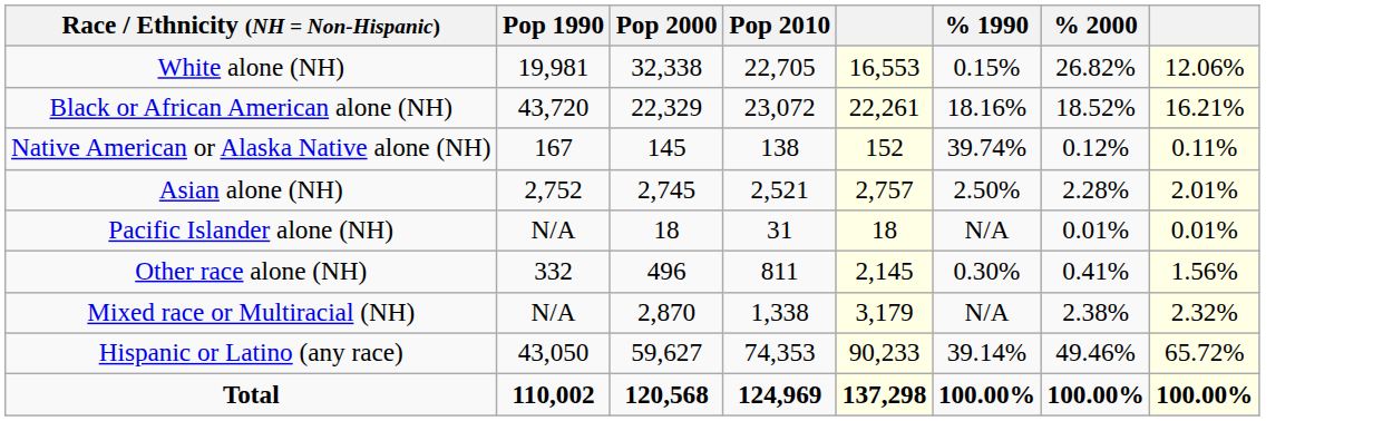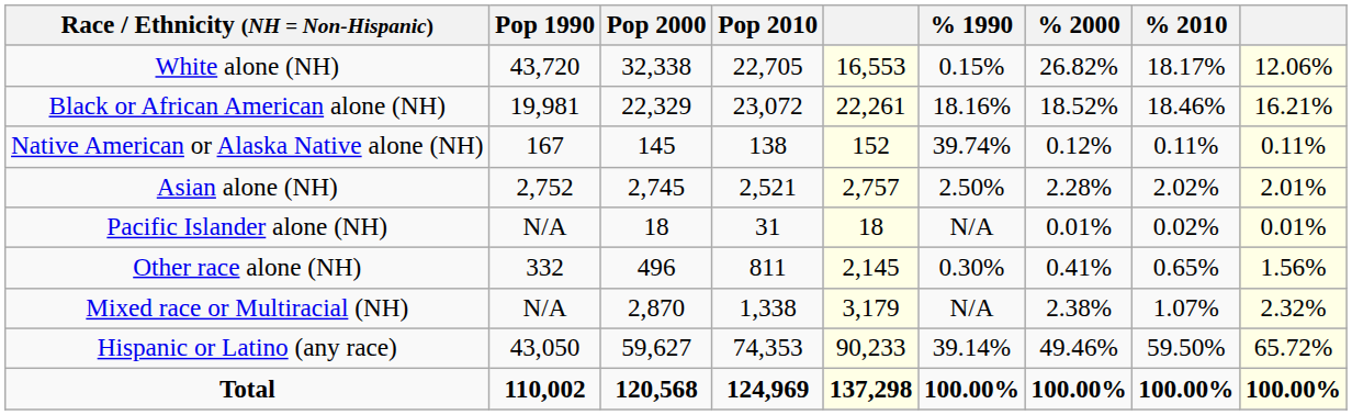 <table class="wikitable" style="text-align:center;">
 <tr>
 <th>Race / Ethnicity <small>(<em>NH = Non-Hispanic</em>)</small></th>
 <th>Pop 1990</th>
 <th>Pop 2000</th>
 <th>Pop 2010</th>
 <th></th>
 <th>% 1990</th>
 <th>% 2000</th>
+<th>% 2010</th>
 <th></th>
 </tr>
 <tr>
 <td><a href='#'>White</a> alone (NH)</td>
-<td>19,981</td>
+<td>43,720</td>
 <td>32,338</td>
 <td>22,705</td>
 <td style='background: #ffffe6;'>16,553</td>
 <td>0.15%</td>
 <td>26.82%</td>
+<td>18.17%</td>
 <td style='background: #ffffe6;'>12.06%</td>
 </tr>
 <tr>
 <td><a href='#'>Black or African American</a> alone (NH)</td>
-<td>43,720</td>
+<td>19,981</td>
 <td>22,329</td>
 <td>23,072</td>
 <td style='background: #ffffe6;'>22,261</td>
 <td>18.16%</td>
 <td>18.52%</td>
+<td>18.46%</td>
 <td style='background: #ffffe6;'>16.21%</td>
 </tr>
 <tr>
 <td><a href='#'>Native American</a> or <a href='#'>Alaska Native</a> alone (NH)</td>
 <td>167</td>
 <td>145</td>
 <td>138</td>
 <td style='background: #ffffe6;'>152</td>
 <td>39.74%</td>
 <td>0.12%</td>
+<td>0.11%</td>
 <td style='background: #ffffe6;'>0.11%</td>
 </tr>
 <tr>
 <td><a href='#'>Asian</a> alone (NH)</td>
 <td>2,752</td>
 <td>2,745</td>
 <td>2,521</td>
 <td style='background: #ffffe6;'>2,757</td>
 <td>2.50%</td>
 <td>2.28%</td>
+<td>2.02%</td>
 <td style='background: #ffffe6;'>2.01%</td>
 </tr>
 <tr>
 <td><a href='#'>Pacific Islander</a> alone (NH)</td>
 <td>N/A</td>
 <td>18</td>
 <td>31</td>
 <td style='background: #ffffe6;'>18</td>
 <td>N/A</td>
 <td>0.01%</td>
+<td>0.02%</td>
 <td style='background: #ffffe6;'>0.01%</td>
 </tr>
 <tr>
 <td><a href='#'>Other race</a> alone (NH)</td>
 <td>332</td>
 <td>496</td>
 <td>811</td>
 <td style='background: #ffffe6;'>2,145</td>
 <td>0.30%</td>
 <td>0.41%</td>
+<td>0.65%</td>
 <td style='background: #ffffe6;'>1.56%</td>
 </tr>
 <tr>
 <td><a href='#'>Mixed race or Multiracial</a> (NH)</td>
 <td>N/A</td>
 <td>2,870</td>
 <td>1,338</td>
 <td style='background: #ffffe6;'>3,179</td>
 <td>N/A</td>
 <td>2.38%</td>
+<td>1.07%</td>
 <td style='background: #ffffe6;'>2.32%</td>
 </tr>
 <tr>
 <td><a href='#'>Hispanic or Latino</a> (any race)</td>
 <td>43,050</td>
 <td>59,627</td>
 <td>74,353</td>
 <td style='background: #ffffe6;'>90,233</td>
 <td>39.14%</td>
 <td>49.46%</td>
+<td>59.50%</td>
 <td style='background: #ffffe6;'>65.72%</td>
 </tr>
 <tr>
 <td><strong>Total</strong></td>
 <td><strong>110,002</strong></td>
 <td><strong>120,568</strong></td>
 <td><strong>124,969</strong></td>
 <td style='background: #ffffe6;'><strong>137,298</strong></td>
 <td><strong>100.00%</strong></td>
 <td><strong>100.00%</strong></td>
+<td><strong>100.00%</strong></td>
 <td style='background: #ffffe6;'><strong>100.00%</strong></td>
 </tr>
 </table>
